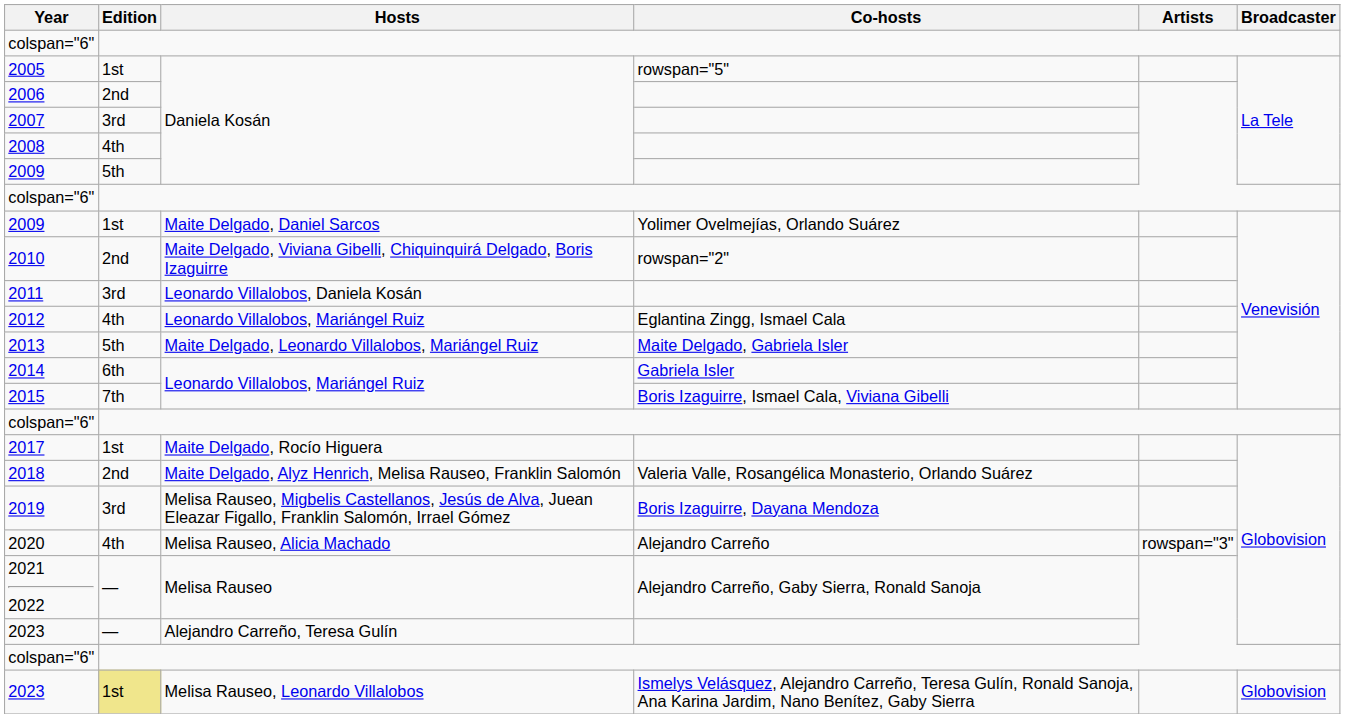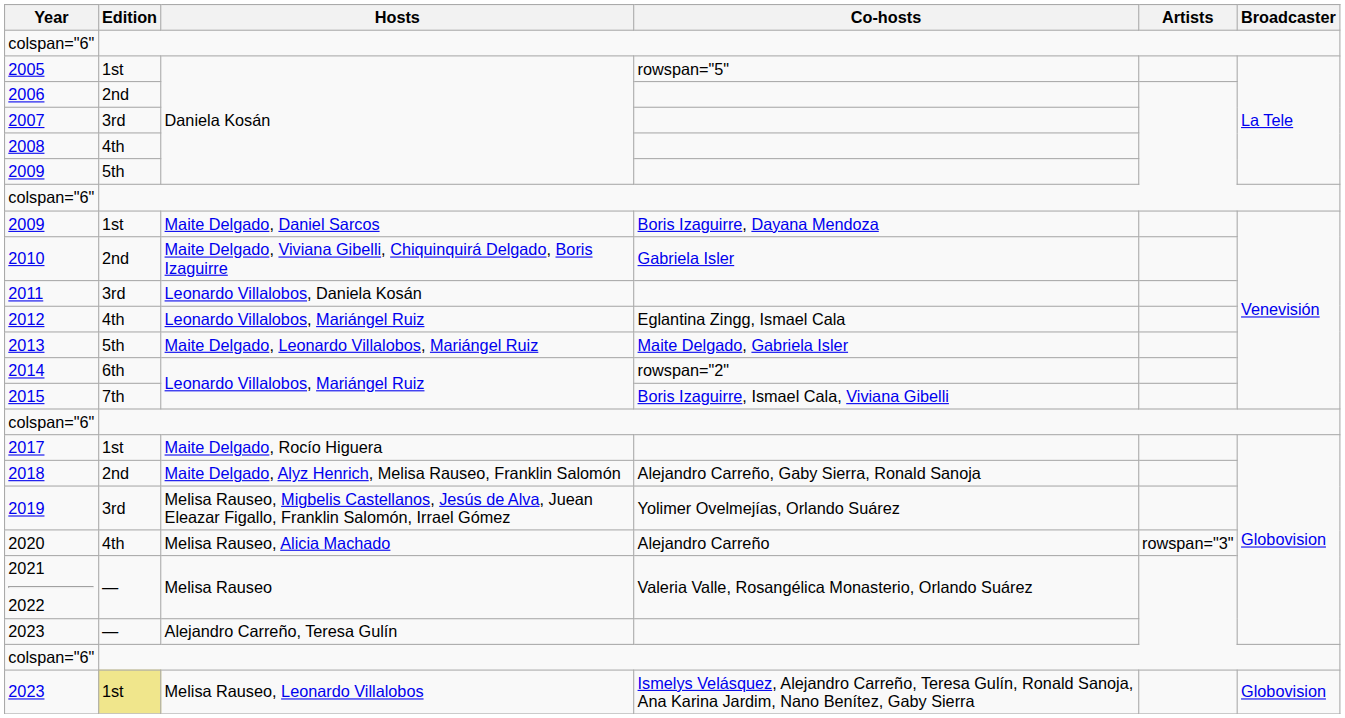 <table class="wikitable sortable" style="font-size: 95%;">
 <tr>
 <th>Year</th>
 <th>Edition</th>
 <th>Hosts</th>
 <th>Co-hosts</th>
 <th>Artists</th>
 <th>Broadcaster</th>
 </tr>
 <tr>
 <td>colspan="6" </td>
 </tr>
 <tr>
 <td><a href='#'>2005</a></td>
 <td>1st</td>
 <td rowspan="5">Daniela Kosán</td>
 <td>rowspan="5" </td>
 <td></td>
 <td rowspan="5"><a href='#'>La Tele</a></td>
 </tr>
 <tr>
 <td><a href='#'>2006</a></td>
 <td>2nd</td>
 <td></td>
 </tr>
 <tr>
 <td><a href='#'>2007</a></td>
 <td>3rd</td>
 <td></td>
 </tr>
 <tr>
 <td><a href='#'>2008</a></td>
 <td>4th</td>
 <td></td>
 </tr>
 <tr>
 <td><a href='#'>2009</a></td>
 <td>5th</td>
 <td></td>
 </tr>
 <tr>
 <td>colspan="6" </td>
 </tr>
 <tr>
 <td><a href='#'>2009</a></td>
 <td>1st</td>
 <td><a href='#'>Maite Delgado</a>, <a href='#'>Daniel Sarcos</a></td>
-<td>Yolimer Ovelmejías, Orlando Suárez</td>
+<td><a href='#'>Boris Izaguirre</a>, <a href='#'>Dayana Mendoza</a></td>
 <td></td>
 <td rowspan="7"><a href='#'>Venevisión</a></td>
 </tr>
 <tr>
 <td><a href='#'>2010</a></td>
 <td>2nd</td>
 <td><a href='#'>Maite Delgado</a>, <a href='#'>Viviana Gibelli</a>, <a href='#'>Chiquinquirá Delgado</a>, <a href='#'>Boris Izaguirre</a></td>
-<td>rowspan="2" </td>
+<td><a href='#'>Gabriela Isler</a></td>
 <td></td>
 </tr>
 <tr>
 <td><a href='#'>2011</a></td>
 <td>3rd</td>
 <td><a href='#'>Leonardo Villalobos</a>, Daniela Kosán</td>
 <td></td>
 </tr>
 <tr>
 <td><a href='#'>2012</a></td>
 <td>4th</td>
 <td><a href='#'>Leonardo Villalobos</a>, <a href='#'>Mariángel Ruiz</a></td>
 <td>Eglantina Zingg, Ismael Cala</td>
 <td></td>
 </tr>
 <tr>
 <td><a href='#'>2013</a></td>
 <td>5th</td>
 <td><a href='#'>Maite Delgado</a>, <a href='#'>Leonardo Villalobos</a>, <a href='#'>Mariángel Ruiz</a></td>
 <td><a href='#'>Maite Delgado</a>, <a href='#'>Gabriela Isler</a></td>
 <td></td>
 </tr>
 <tr>
 <td><a href='#'>2014</a></td>
 <td>6th</td>
 <td rowspan="2"><a href='#'>Leonardo Villalobos</a>, <a href='#'>Mariángel Ruiz</a></td>
-<td><a href='#'>Gabriela Isler</a></td>
+<td>rowspan="2" </td>
 <td></td>
 </tr>
 <tr>
 <td><a href='#'>2015</a></td>
 <td>7th</td>
 <td><a href='#'>Boris Izaguirre</a>, Ismael Cala, <a href='#'>Viviana Gibelli</a></td>
 <td></td>
 </tr>
 <tr>
 <td>colspan="6" </td>
 </tr>
 <tr>
 <td><a href='#'>2017</a></td>
 <td>1st</td>
 <td><a href='#'>Maite Delgado</a>, Rocío Higuera</td>
 <td></td>
 <td></td>
 <td rowspan="6"><a href='#'>Globovision</a></td>
 </tr>
 <tr>
 <td><a href='#'>2018</a></td>
 <td>2nd</td>
 <td><a href='#'>Maite Delgado</a>, <a href='#'>Alyz Henrich</a>, Melisa Rauseo, Franklin Salomón</td>
-<td>Valeria Valle, Rosangélica Monasterio, Orlando Suárez</td>
+<td>Alejandro Carreño, Gaby Sierra, Ronald Sanoja</td>
 <td></td>
 </tr>
 <tr>
 <td><a href='#'>2019</a></td>
 <td>3rd</td>
 <td>Melisa Rauseo, <a href='#'>Migbelis Castellanos</a>, <a href='#'>Jesús de Alva</a>, Juean Eleazar Figallo, Franklin Salomón, Irrael Gómez</td>
-<td><a href='#'>Boris Izaguirre</a>, <a href='#'>Dayana Mendoza</a></td>
+<td>Yolimer Ovelmejías, Orlando Suárez</td>
 <td></td>
 </tr>
 <tr>
 <td>2020</td>
 <td>4th</td>
 <td>Melisa Rauseo, <a href='#'>Alicia Machado</a></td>
 <td>Alejandro Carreño</td>
 <td>rowspan="3" </td>
 </tr>
 <tr>
 <td>2021<hr>2022</td>
 <td>—</td>
 <td>Melisa Rauseo</td>
-<td>Alejandro Carreño, Gaby Sierra, Ronald Sanoja</td>
+<td>Valeria Valle, Rosangélica Monasterio, Orlando Suárez</td>
 </tr>
 <tr>
 <td>2023</td>
 <td>—</td>
 <td>Alejandro Carreño, Teresa Gulín</td>
 <td></td>
 </tr>
 <tr>
 <td>colspan="6" </td>
 </tr>
 <tr>
 <td><a href='#'>2023</a></td>
 <td style="background: khaki;">1st</td>
 <td>Melisa Rauseo, <a href='#'>Leonardo Villalobos</a></td>
 <td><a href='#'>Ismelys Velásquez</a>, Alejandro Carreño, Teresa Gulín, Ronald Sanoja, Ana Karina Jardim, Nano Benítez, Gaby Sierra</td>
 <td></td>
 <td><a href='#'>Globovision</a></td>
 </tr>
 </table>
